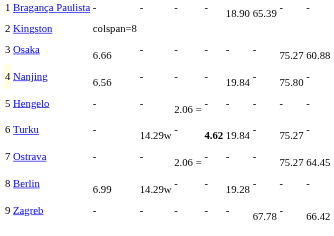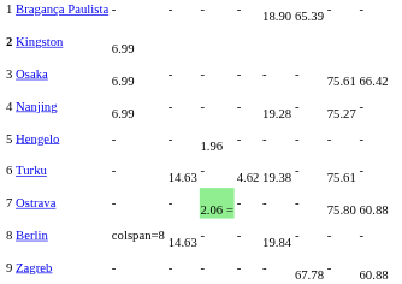 <table>
 <tr>
 <td>1</td>
 <td align=left><a href='#'>Bragança Paulista</a></td>
 <td>-</td>
 <td>-</td>
 <td>-</td>
 <td>-</td>
 <td><br>18.90 </td>
 <td><br>65.39</td>
 <td>-</td>
 <td>-</td>
 </tr>
 <tr>
-<td>2</td>
+<td><strong>2</strong></td>
 <td align=left><a href='#'>Kingston</a></td>
-<td>colspan=8 </td>
+<td><br>6.99</td>
 </tr>
 <tr>
 <td>3</td>
 <td align=left><a href='#'>Osaka</a></td>
-<td><br>6.66</td>
+<td><br>6.99</td>
 <td>-</td>
 <td>-</td>
 <td>-</td>
 <td>-</td>
 <td>-</td>
-<td><br>75.27</td>
-<td><br>60.88</td>
+<td><br>75.61 </td>
+<td><br>66.42 </td>
 </tr>
 <tr>
-<td style="background: lightyellow;">4</td>
+<td>4</td>
 <td align=left><a href='#'>Nanjing</a></td>
-<td><br>6.56 </td>
+<td><br>6.99</td>
 <td>-</td>
 <td>-</td>
 <td>-</td>
-<td><br>19.84 </td>
+<td><br>19.28  </td>
 <td>-</td>
-<td><br>75.80 </td>
+<td><br>75.27</td>
 <td>-</td>
 </tr>
 <tr>
 <td>5</td>
 <td align=left><a href='#'>Hengelo</a></td>
 <td>-</td>
 <td>-</td>
-<td><br>2.06  =</td>
+<td><br>1.96 </td>
 <td>-</td>
 <td>-</td>
 <td>-</td>
 <td>-</td>
 <td>-</td>
 </tr>
 <tr>
 <td>6</td>
 <td align=left><a href='#'>Turku</a></td>
 <td>-</td>
-<td><br>14.29w</td>
+<td><br>14.63</td>
 <td>-</td>
-<td><strong><br>4.62</strong></td>
-<td><br>19.84 </td>
+<td><br>4.62</td>
+<td><br>19.38</td>
 <td>-</td>
-<td><br>75.27</td>
+<td><br>75.61 </td>
 <td>-</td>
 </tr>
 <tr>
 <td>7</td>
 <td align=left><a href='#'>Ostrava</a></td>
 <td>-</td>
 <td>-</td>
-<td><br>2.06  =</td>
+<td style="background: lightgreen;"><br>2.06  =</td>
 <td>-</td>
 <td>-</td>
 <td>-</td>
-<td><br>75.27</td>
-<td><br>64.45 </td>
+<td><br>75.80 </td>
+<td><br>60.88</td>
 </tr>
 <tr>
 <td>8</td>
 <td align=left><a href='#'>Berlin</a></td>
-<td><br>6.99</td>
-<td><br>14.29w</td>
+<td>colspan=8 </td>
+<td><br>14.63</td>
 <td>-</td>
 <td>-</td>
-<td><br>19.28  </td>
+<td><br>19.84 </td>
 <td>-</td>
 <td>-</td>
 <td>-</td>
 </tr>
 <tr>
 <td>9</td>
 <td align=left><a href='#'>Zagreb</a></td>
 <td>-</td>
 <td>-</td>
 <td>-</td>
 <td>-</td>
 <td>-</td>
 <td><br>67.78</td>
 <td>-</td>
-<td><br>66.42 </td>
+<td><br>60.88</td>
 </tr>
 </table>
